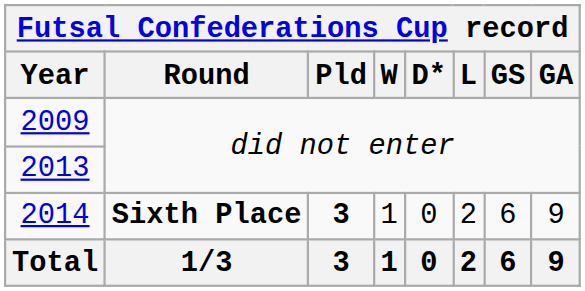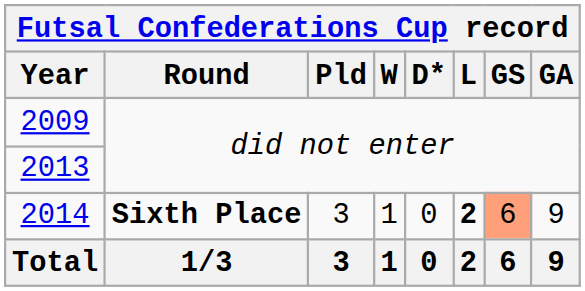 <table class="wikitable" style="text-align: center;font-size:100%;">
 <tr>
 <th colspan=8><a href='#'>Futsal Confederations Cup</a> record</th>
 </tr>
 <tr>
 <th>Year</th>
 <th>Round</th>
 <th>Pld</th>
 <th>W</th>
 <th>D*</th>
 <th>L</th>
 <th>GS</th>
 <th>GA</th>
 </tr>
 <tr>
 <td> <a href='#'>2009</a></td>
 <td colspan=9 rowspan=2><em>did not enter</em></td>
 </tr>
 <tr>
 <td> <a href='#'>2013</a></td>
 </tr>
 <tr>
 <td> <a href='#'>2014</a></td>
 <td><strong>Sixth Place</strong></td>
-<td><strong>3</strong></td>
+<td>3</td>
 <td>1</td>
 <td>0</td>
-<td>2</td>
-<td>6</td>
+<td><strong>2</strong></td>
+<td style="background: lightsalmon;">6</td>
 <td>9</td>
 </tr>
 <tr>
 <th><strong>Total</strong></th>
 <th>1/3</th>
 <th>3</th>
 <th>1</th>
 <th>0</th>
 <th>2</th>
 <th>6</th>
 <th>9</th>
 </tr>
 </table>
